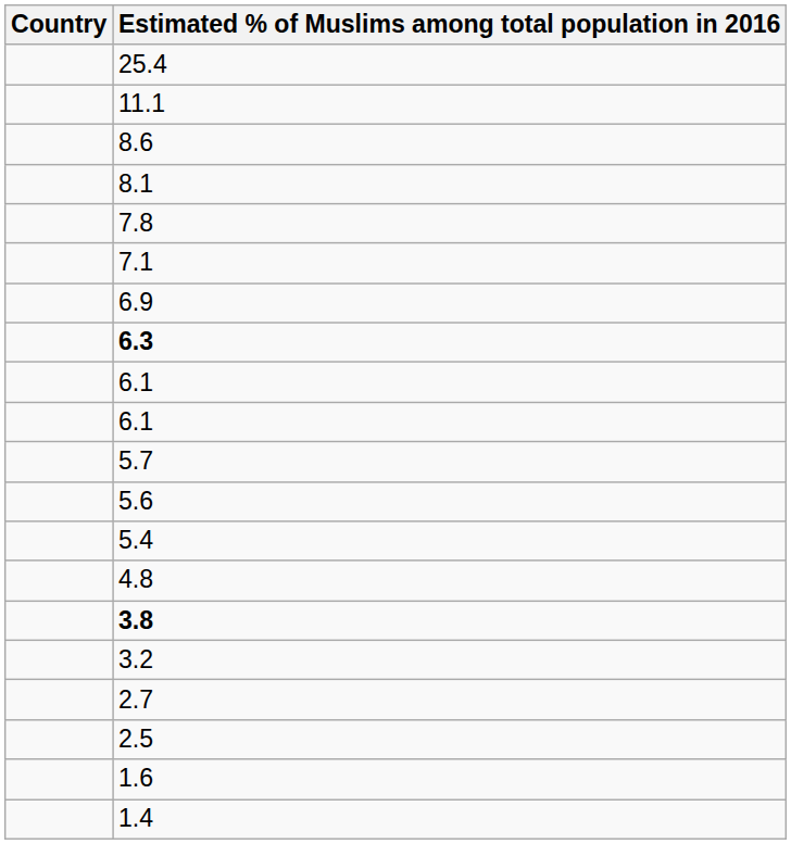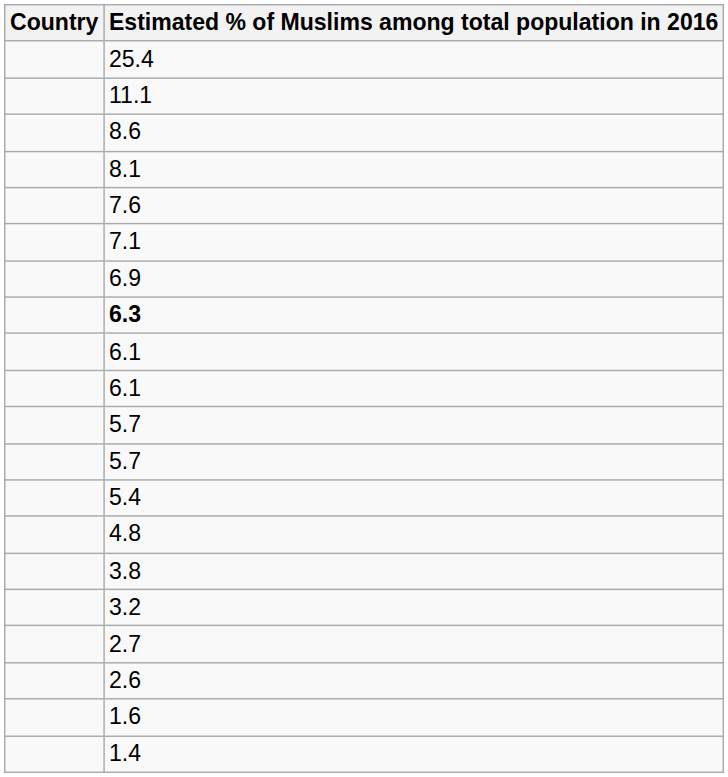 <table class="wikitable sortable" style="text-align:left">
 <tr>
 <th scope="col">Country</th>
 <th scope="col">Estimated % of Muslims among total population in 2016</th>
 </tr>
 <tr>
 <td></td>
 <td>25.4</td>
 </tr>
 <tr>
 <td></td>
 <td>11.1</td>
 </tr>
 <tr>
 <td></td>
 <td>8.6</td>
 </tr>
 <tr>
 <td></td>
 <td>8.1</td>
 </tr>
 <tr>
 <td></td>
-<td>7.8</td>
+<td>7.6</td>
 </tr>
 <tr>
 <td></td>
 <td>7.1</td>
 </tr>
 <tr>
 <td></td>
 <td>6.9</td>
 </tr>
 <tr>
 <td></td>
 <td><strong>6.3</strong></td>
 </tr>
 <tr>
 <td></td>
 <td>6.1</td>
 </tr>
 <tr>
 <td></td>
 <td>6.1</td>
 </tr>
 <tr>
 <td></td>
 <td>5.7</td>
 </tr>
 <tr>
 <td></td>
-<td>5.6</td>
+<td>5.7</td>
 </tr>
 <tr>
 <td></td>
 <td>5.4</td>
 </tr>
 <tr>
 <td></td>
 <td>4.8</td>
 </tr>
 <tr>
 <td></td>
-<td><strong>3.8</strong></td>
+<td>3.8</td>
 </tr>
 <tr>
 <td></td>
 <td>3.2</td>
 </tr>
 <tr>
 <td></td>
 <td>2.7</td>
 </tr>
 <tr>
 <td></td>
-<td>2.5</td>
+<td>2.6</td>
 </tr>
 <tr>
 <td></td>
 <td>1.6</td>
 </tr>
 <tr>
 <td></td>
 <td>1.4</td>
 </tr>
 </table>
